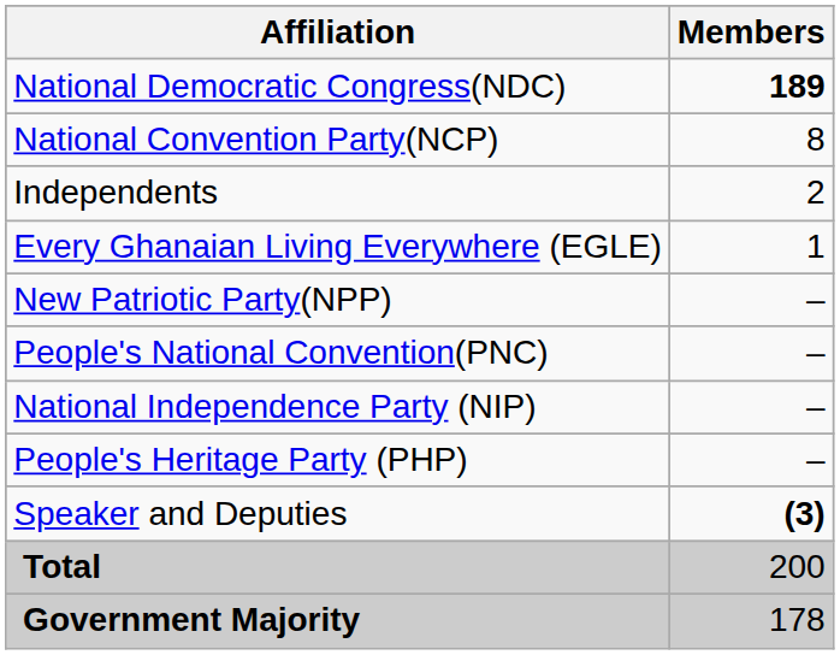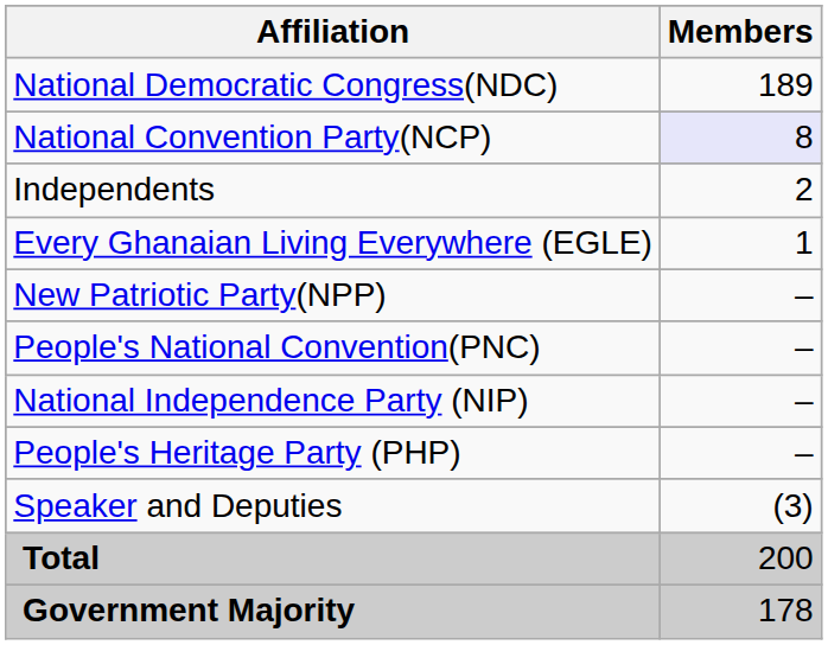 <table class="wikitable">
 <tr>
 <th>Affiliation</th>
 <th>Members</th>
 </tr>
 <tr>
 <td><a href='#'>National Democratic Congress</a>(NDC)</td>
-<td align="right"><strong>189</strong></td>
+<td align="right">189</td>
 </tr>
 <tr>
 <td><a href='#'>National Convention Party</a>(NCP)</td>
-<td align="right">8</td>
+<td align="right" style="background: lavender;">8</td>
 </tr>
 <tr>
 <td>Independents</td>
 <td align="right">2</td>
 </tr>
 <tr>
 <td><a href='#'>Every Ghanaian Living Everywhere</a> (EGLE)</td>
 <td align="right">1</td>
 </tr>
 <tr>
 <td><a href='#'>New Patriotic Party</a>(NPP)</td>
 <td align="right">–</td>
 </tr>
 <tr>
 <td><a href='#'>People's National Convention</a>(PNC)</td>
 <td align="right">–</td>
 </tr>
 <tr>
 <td><a href='#'>National Independence Party</a> (NIP)</td>
 <td align="right">–</td>
 </tr>
 <tr>
 <td><a href='#'>People's Heritage Party</a> (PHP)</td>
 <td align="right">–</td>
 </tr>
 <tr>
 <td><a href='#'>Speaker</a> and Deputies</td>
-<td align="right"><strong>(3)</strong></td>
+<td align="right">(3)</td>
 </tr>
 <tr bgcolor="CCCCCC">
 <td> <strong>Total</strong></td>
 <td align="right">200</td>
 </tr>
 <tr bgcolor="CCCCCC">
 <td> <strong>Government Majority</strong></td>
 <td align="right">178</td>
 </tr>
 </table>
